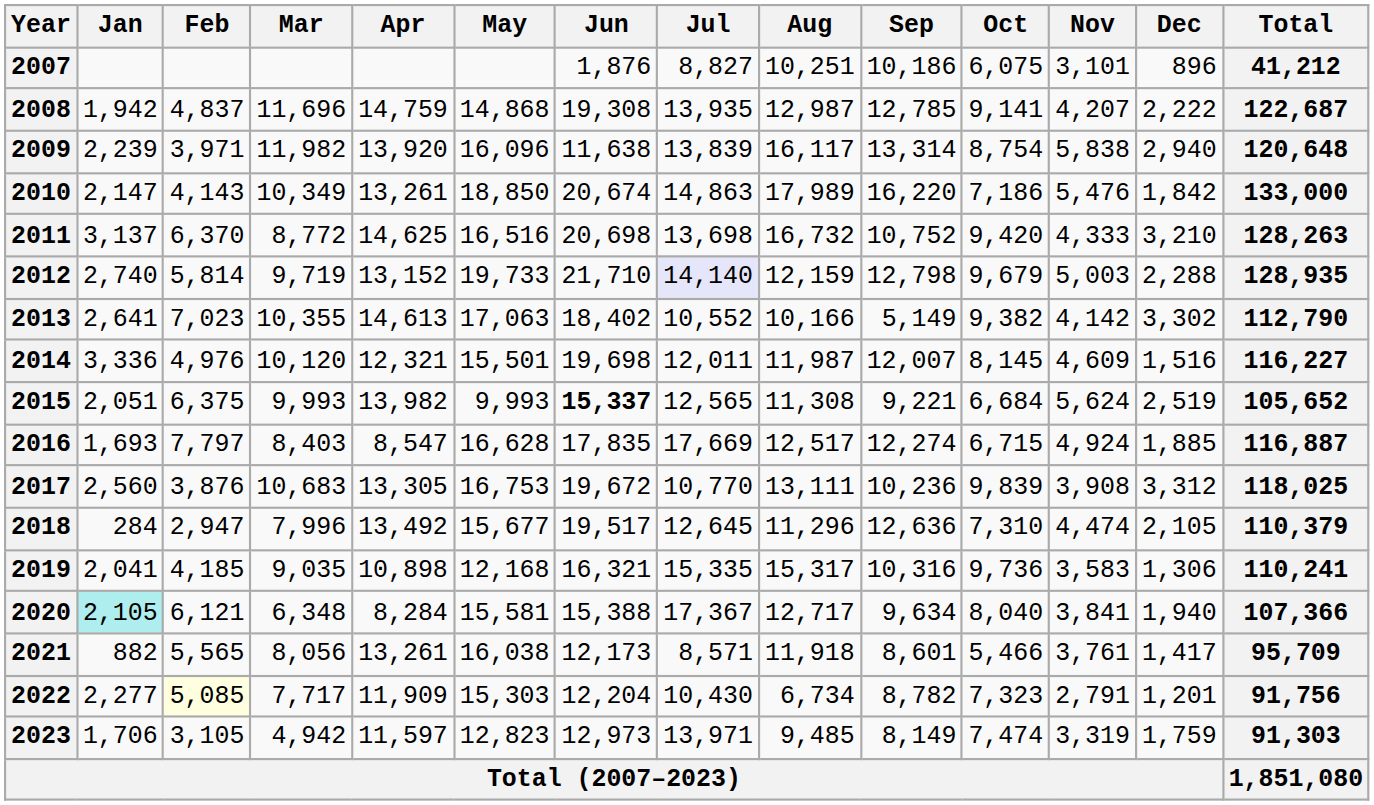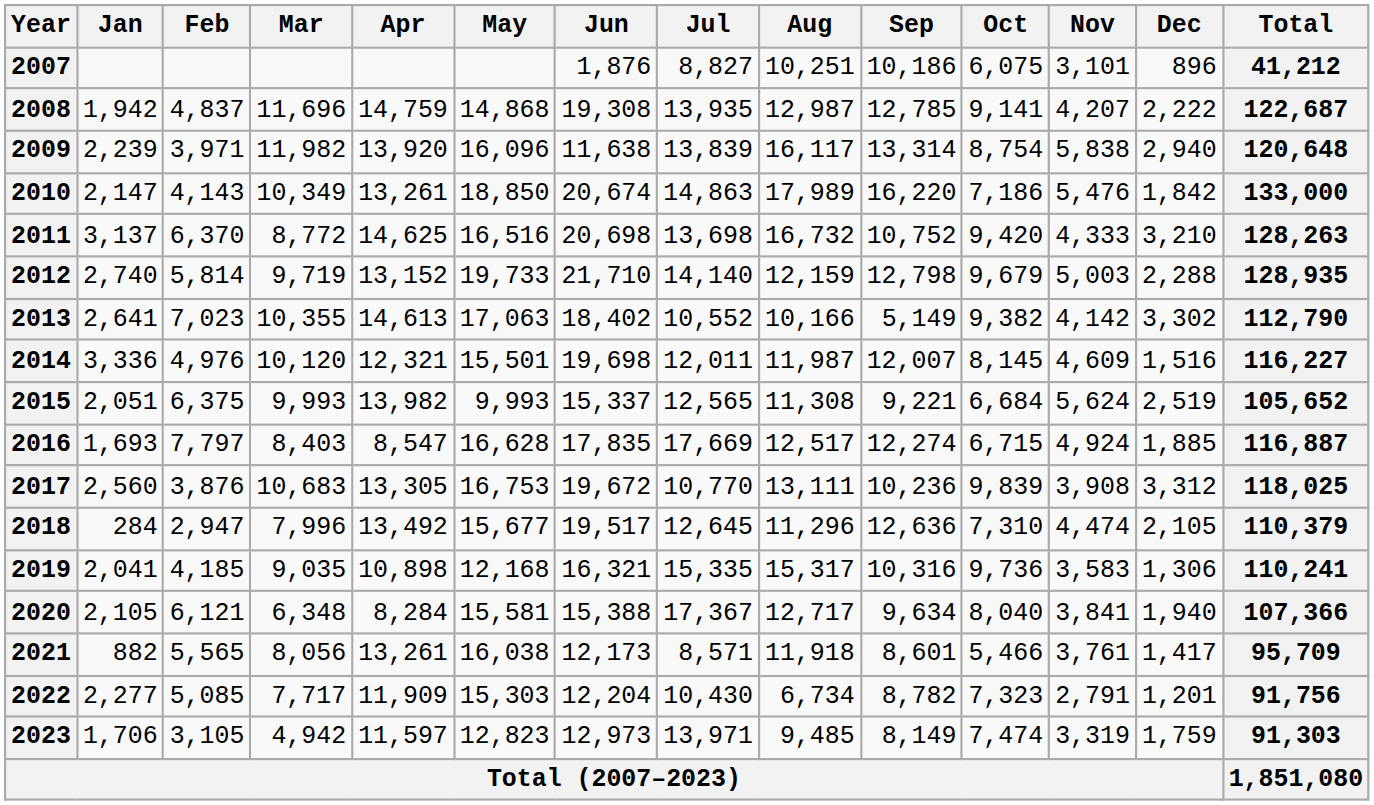 <table class=wikitable style="text-align:right; font-size:0.9em;">
 <tr>
 <th>Year</th>
 <th>Jan</th>
 <th>Feb</th>
 <th>Mar</th>
 <th>Apr</th>
 <th>May</th>
 <th>Jun</th>
 <th>Jul</th>
 <th>Aug</th>
 <th>Sep</th>
 <th>Oct</th>
 <th>Nov</th>
 <th>Dec</th>
 <th>Total</th>
 </tr>
 <tr>
 <th>2007</th>
 <td></td>
 <td></td>
 <td></td>
 <td></td>
 <td></td>
 <td>1,876</td>
 <td>8,827</td>
 <td>10,251</td>
 <td>10,186</td>
 <td>6,075</td>
 <td>3,101</td>
 <td>896</td>
 <th>41,212</th>
 </tr>
 <tr>
 <th>2008</th>
 <td>1,942</td>
 <td>4,837</td>
 <td>11,696</td>
 <td>14,759</td>
 <td>14,868</td>
 <td>19,308</td>
 <td>13,935</td>
 <td>12,987</td>
 <td>12,785</td>
 <td>9,141</td>
 <td>4,207</td>
 <td>2,222</td>
 <th>122,687</th>
 </tr>
 <tr>
 <th>2009</th>
 <td>2,239</td>
 <td>3,971</td>
 <td>11,982</td>
 <td>13,920</td>
 <td>16,096</td>
 <td>11,638</td>
 <td>13,839</td>
 <td>16,117</td>
 <td>13,314</td>
 <td>8,754</td>
 <td>5,838</td>
 <td>2,940</td>
 <th>120,648</th>
 </tr>
 <tr>
 <th>2010</th>
 <td>2,147</td>
 <td>4,143</td>
 <td>10,349</td>
 <td>13,261</td>
 <td>18,850</td>
 <td>20,674</td>
 <td>14,863</td>
 <td>17,989</td>
 <td>16,220</td>
 <td>7,186</td>
 <td>5,476</td>
 <td>1,842</td>
 <th>133,000</th>
 </tr>
 <tr>
 <th>2011</th>
 <td>3,137</td>
 <td>6,370</td>
 <td>8,772</td>
 <td>14,625</td>
 <td>16,516</td>
 <td>20,698</td>
 <td>13,698</td>
 <td>16,732</td>
 <td>10,752</td>
 <td>9,420</td>
 <td>4,333</td>
 <td>3,210</td>
 <th>128,263</th>
 </tr>
 <tr>
 <th>2012</th>
 <td>2,740</td>
 <td>5,814</td>
 <td>9,719</td>
 <td>13,152</td>
 <td>19,733</td>
 <td>21,710</td>
-<td style="background: lavender;">14,140</td>
+<td>14,140</td>
 <td>12,159</td>
 <td>12,798</td>
 <td>9,679</td>
 <td>5,003</td>
 <td>2,288</td>
 <th>128,935</th>
 </tr>
 <tr>
 <th>2013</th>
 <td>2,641</td>
 <td>7,023</td>
 <td>10,355</td>
 <td>14,613</td>
 <td>17,063</td>
 <td>18,402</td>
 <td>10,552</td>
 <td>10,166</td>
 <td>5,149</td>
 <td>9,382</td>
 <td>4,142</td>
 <td>3,302</td>
 <th>112,790</th>
 </tr>
 <tr>
 <th>2014</th>
 <td>3,336</td>
 <td>4,976</td>
 <td>10,120</td>
 <td>12,321</td>
 <td>15,501</td>
 <td>19,698</td>
 <td>12,011</td>
 <td>11,987</td>
 <td>12,007</td>
 <td>8,145</td>
 <td>4,609</td>
 <td>1,516</td>
 <th>116,227</th>
 </tr>
 <tr>
 <th>2015</th>
 <td>2,051</td>
 <td>6,375</td>
 <td>9,993</td>
 <td>13,982</td>
 <td>9,993</td>
-<td><strong>15,337</strong></td>
+<td>15,337</td>
 <td>12,565</td>
 <td>11,308</td>
 <td>9,221</td>
 <td>6,684</td>
 <td>5,624</td>
 <td>2,519</td>
 <th>105,652</th>
 </tr>
 <tr>
 <th>2016</th>
 <td>1,693</td>
 <td>7,797</td>
 <td>8,403</td>
 <td>8,547</td>
 <td>16,628</td>
 <td>17,835</td>
 <td>17,669</td>
 <td>12,517</td>
 <td>12,274</td>
 <td>6,715</td>
 <td>4,924</td>
 <td>1,885</td>
 <th>116,887</th>
 </tr>
 <tr>
 <th>2017</th>
 <td>2,560</td>
 <td>3,876</td>
 <td>10,683</td>
 <td>13,305</td>
 <td>16,753</td>
 <td>19,672</td>
 <td>10,770</td>
 <td>13,111</td>
 <td>10,236</td>
 <td>9,839</td>
 <td>3,908</td>
 <td>3,312</td>
 <th>118,025</th>
 </tr>
 <tr>
 <th>2018</th>
 <td>284</td>
 <td>2,947</td>
 <td>7,996</td>
 <td>13,492</td>
 <td>15,677</td>
 <td>19,517</td>
 <td>12,645</td>
 <td>11,296</td>
 <td>12,636</td>
 <td>7,310</td>
 <td>4,474</td>
 <td>2,105</td>
 <th>110,379</th>
 </tr>
 <tr>
 <th>2019</th>
 <td>2,041</td>
 <td>4,185</td>
 <td>9,035</td>
 <td>10,898</td>
 <td>12,168</td>
 <td>16,321</td>
 <td>15,335</td>
 <td>15,317</td>
 <td>10,316</td>
 <td>9,736</td>
 <td>3,583</td>
 <td>1,306</td>
 <th>110,241</th>
 </tr>
 <tr>
 <th>2020</th>
-<td style="background: paleturquoise;">2,105</td>
+<td>2,105</td>
 <td>6,121</td>
 <td>6,348</td>
 <td>8,284</td>
 <td>15,581</td>
 <td>15,388</td>
 <td>17,367</td>
 <td>12,717</td>
 <td>9,634</td>
 <td>8,040</td>
 <td>3,841</td>
 <td>1,940</td>
 <th>107,366</th>
 </tr>
 <tr>
 <th>2021</th>
 <td>882</td>
 <td>5,565</td>
 <td>8,056</td>
 <td>13,261</td>
 <td>16,038</td>
 <td>12,173</td>
 <td>8,571</td>
 <td>11,918</td>
 <td>8,601</td>
 <td>5,466</td>
 <td>3,761</td>
 <td>1,417</td>
 <th>95,709</th>
 </tr>
 <tr>
 <th>2022</th>
 <td>2,277</td>
-<td style="background: lightyellow;">5,085</td>
+<td>5,085</td>
 <td>7,717</td>
 <td>11,909</td>
 <td>15,303</td>
 <td>12,204</td>
 <td>10,430</td>
 <td>6,734</td>
 <td>8,782</td>
 <td>7,323</td>
 <td>2,791</td>
 <td>1,201</td>
 <th>91,756</th>
 </tr>
 <tr>
 <th>2023</th>
 <td>1,706</td>
 <td>3,105</td>
 <td>4,942</td>
 <td>11,597</td>
 <td>12,823</td>
 <td>12,973</td>
 <td>13,971</td>
 <td>9,485</td>
 <td>8,149</td>
 <td>7,474</td>
 <td>3,319</td>
 <td>1,759</td>
 <th>91,303</th>
 </tr>
 <tr>
 <th colspan=13>Total (2007–2023)</th>
 <th>1,851,080</th>
 </tr>
 </table>
